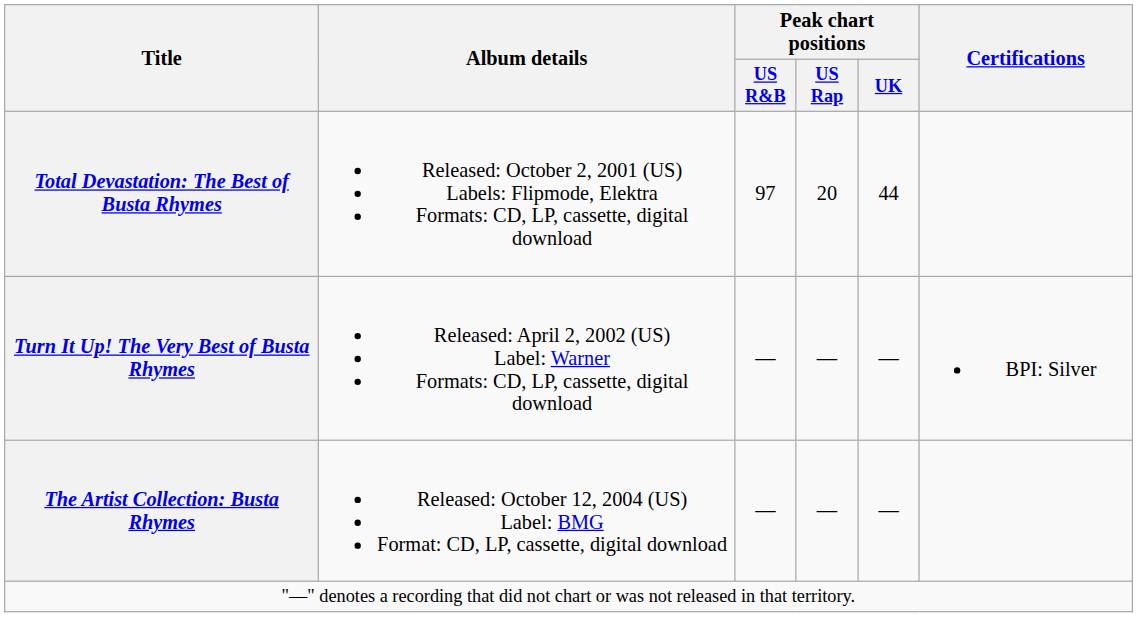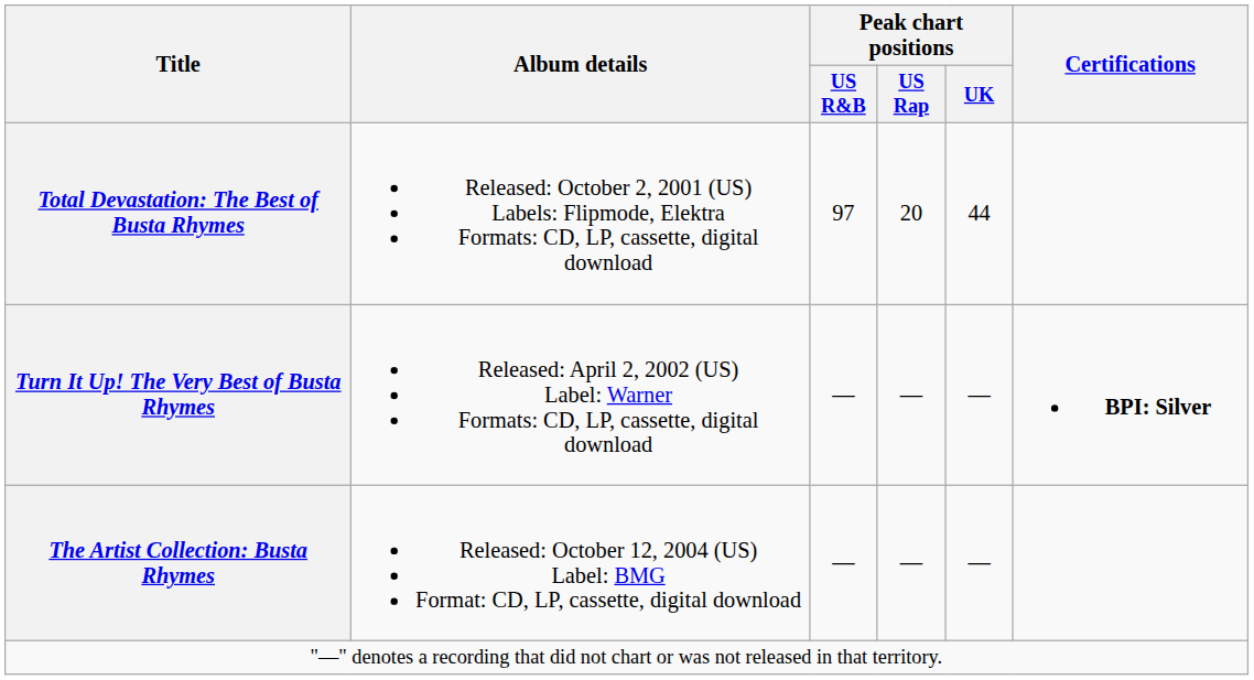 <table class="wikitable plainrowheaders" style="text-align:center;" border="1">
 <tr>
 <th scope="col" rowspan="2" style="width:15em;">Title</th>
 <th scope="col" rowspan="2" style="width:20em;">Album details</th>
 <th scope="col" colspan="3">Peak chart positions</th>
 <th scope="col" rowspan="2" style="width:10em;"><a href='#'>Certifications</a></th>
 </tr>
 <tr>
 <th scope="col" style="width:2.9em;font-size:90%;"><a href='#'>US<br>R&B</a><br></th>
 <th scope="col" style="width:2.9em;font-size:90%;"><a href='#'>US<br>Rap</a><br></th>
 <th scope="col" style="width:2.9em;font-size:90%;"><a href='#'>UK</a><br></th>
 </tr>
 <tr>
 <th scope="row"><em><a href='#'>Total Devastation: The Best of Busta Rhymes</a></em></th>
 <td><br><ul><li>Released: October 2, 2001 <span>(US)</span></li><li>Labels: Flipmode, Elektra</li><li>Formats: CD, LP, cassette, digital download</li></ul></td>
 <td>97</td>
 <td>20</td>
 <td>44</td>
 <td></td>
 </tr>
 <tr>
 <th scope="row"><em><a href='#'>Turn It Up! The Very Best of Busta Rhymes</a></em></th>
 <td><br><ul><li>Released: April 2, 2002 <span>(US)</span></li><li>Label: <a href='#'>Warner</a></li><li>Formats: CD, LP, cassette, digital download</li></ul></td>
 <td>—</td>
 <td>—</td>
 <td>—</td>
-<td><br><ul><li>BPI: Silver</li></ul></td>
+<td><strong><br><ul><li>BPI: Silver</li></ul></strong></td>
 </tr>
 <tr>
 <th scope="row"><em><a href='#'>The Artist Collection: Busta Rhymes</a></em></th>
 <td><br><ul><li>Released: October 12, 2004 <span>(US)</span></li><li>Label: <a href='#'>BMG</a></li><li>Format: CD, LP, cassette, digital download</li></ul></td>
 <td>—</td>
 <td>—</td>
 <td>—</td>
 <td></td>
 </tr>
 <tr>
 <td colspan="14" style="font-size:90%">"—" denotes a recording that did not chart or was not released in that territory.</td>
 </tr>
 </table>
